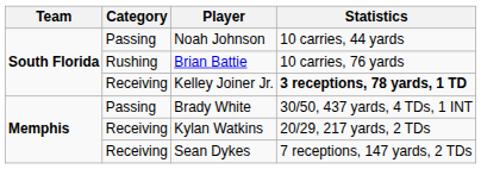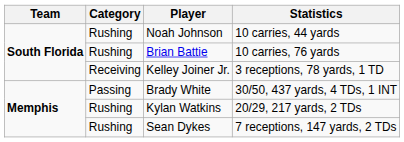 <table class="wikitable" style="float: left;">
 <tr>
 <th>Team</th>
 <th>Category</th>
 <th>Player</th>
 <th>Statistics</th>
 </tr>
 <tr>
 <td rowspan=3><strong>South Florida</strong></td>
-<td>Passing</td>
+<td>Rushing</td>
 <td>Noah Johnson</td>
 <td>10 carries, 44 yards</td>
 </tr>
 <tr>
 <td>Rushing</td>
 <td><a href='#'>Brian Battie</a></td>
 <td>10 carries, 76 yards</td>
 </tr>
 <tr>
 <td>Receiving</td>
 <td>Kelley Joiner Jr.</td>
-<td><strong>3 receptions, 78 yards, 1 TD</strong></td>
+<td>3 receptions, 78 yards, 1 TD</td>
 </tr>
 <tr>
 <td rowspan=3><strong>Memphis</strong></td>
 <td>Passing</td>
 <td>Brady White</td>
 <td>30/50, 437 yards, 4 TDs, 1 INT</td>
 </tr>
 <tr>
-<td>Receiving</td>
+<td>Rushing</td>
 <td>Kylan Watkins</td>
 <td>20/29, 217 yards, 2 TDs</td>
 </tr>
 <tr>
-<td>Receiving</td>
+<td>Rushing</td>
 <td>Sean Dykes</td>
 <td>7 receptions, 147 yards, 2 TDs</td>
 </tr>
 </table>
